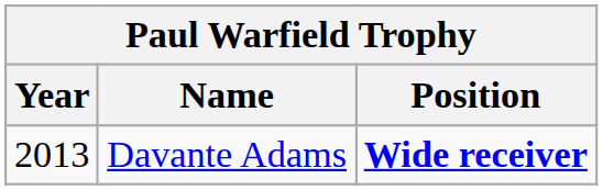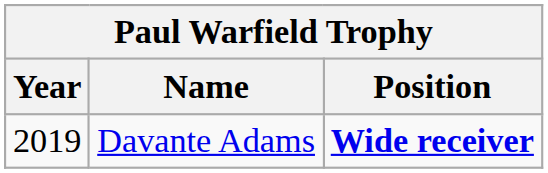 <table class="wikitable">
 <tr align="center">
 <th colspan=5>Paul Warfield Trophy</th>
 </tr>
 <tr>
 <th>Year</th>
 <th>Name</th>
 <th>Position</th>
 </tr>
 <tr align="center" bgcolor="">
-<td>2013</td>
+<td>2019</td>
 <td><a href='#'>Davante Adams</a></td>
 <td><strong><a href='#'>Wide receiver</a></strong></td>
 </tr>
 </table>
